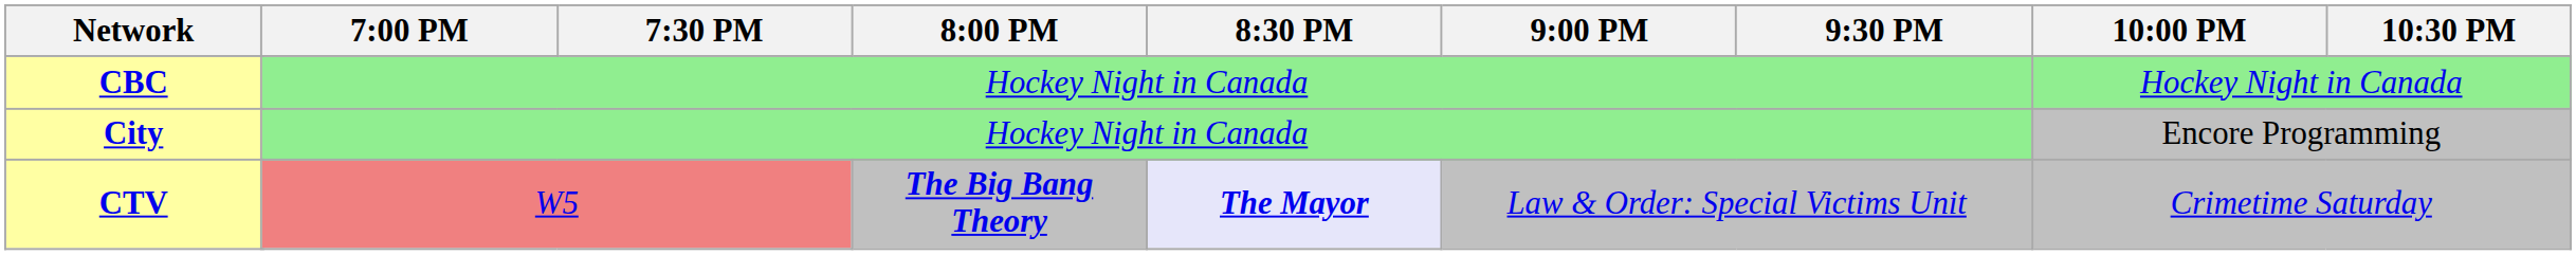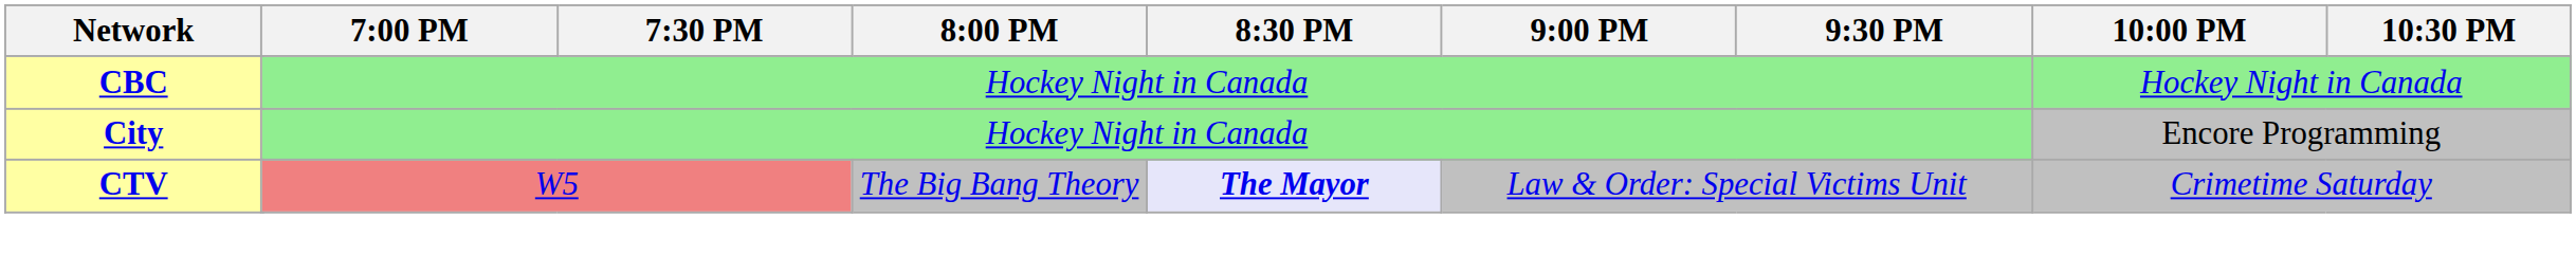 <table class="wikitable" style="width:100%;margin-right:0;text-align:center">
 <tr>
 <th colspan="2" style="width:10%;">Network</th>
 <th style="width:11.5%;">7:00 PM</th>
 <th style="width:11.5%;">7:30 PM</th>
 <th style="width:11.5%;">8:00 PM</th>
 <th style="width:11.5%;">8:30 PM</th>
 <th style="width:11.5%;">9:00 PM</th>
 <th style="width:11.5%;">9:30 PM</th>
 <th style="width:11.5%;">10:00 PM</th>
 <th style="width:11.5%;">10:30 PM</th>
 </tr>
 <tr>
 <th style="background:#FFFFA3;" colspan="2"><a href='#'>CBC</a></th>
 <td colspan="6" style="background:lightgreen;"><em><a href='#'>Hockey Night in Canada</a></em> </td>
 <td colspan="2" style="background:lightgreen;"><em><a href='#'>Hockey Night in Canada</a></em> </td>
 </tr>
 <tr>
 <th style="background:#FFFFA3;" colspan="2"><a href='#'>City</a></th>
 <td colspan="6" style="background:lightgreen;"><em><a href='#'>Hockey Night in Canada</a></em></td>
 <td colspan="2" style="background:silver;">Encore Programming</td>
 </tr>
 <tr>
 <th style="background:#FFFFA3;" colspan="2"><a href='#'>CTV</a></th>
 <td colspan="2" style="background:#f08080;"><em><a href='#'>W5</a></em></td>
-<td style="background:silver;"><strong><em><a href='#'>The Big Bang Theory</a></em> </strong></td>
+<td style="background:silver;"><em><a href='#'>The Big Bang Theory</a></em> </td>
 <td style="background: lavender;"><strong><em><a href='#'>The Mayor</a></em></strong></td>
 <td colspan="2" style="background:silver;"><em><a href='#'>Law & Order: Special Victims Unit</a></em> </td>
 <td colspan="2" style="background:silver;"><em><a href='#'>Crimetime Saturday</a></em></td>
 </tr>
 </table>
